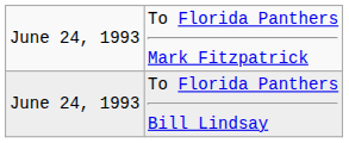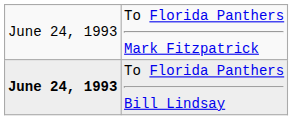 <table class="wikitable">
 <tr>
 <td>June 24, 1993</td>
 <td valign="top">To <a href='#'>Florida Panthers</a><hr><a href='#'>Mark Fitzpatrick</a></td>
 </tr>
 <tr style="background:#eee;">
-<td>June 24, 1993</td>
+<td><strong>June 24, 1993</strong></td>
 <td valign="top">To <a href='#'>Florida Panthers</a><hr><a href='#'>Bill Lindsay</a></td>
 </tr>
 </table>
